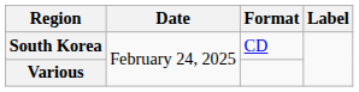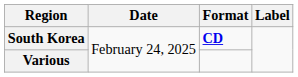 <table class="wikitable plainrowheaders">
 <tr>
 <th scope="col">Region</th>
 <th scope="col">Date</th>
 <th scope="col">Format</th>
 <th scope="col">Label</th>
 </tr>
 <tr>
 <th scope="row">South Korea</th>
 <td rowspan="2">February 24, 2025</td>
-<td><a href='#'>CD</a></td>
+<td><strong><a href='#'>CD</a></strong></td>
 <td rowspan="2"></td>
 </tr>
 <tr>
 <th scope="row">Various </th>
 <td></td>
 </tr>
 </table>
